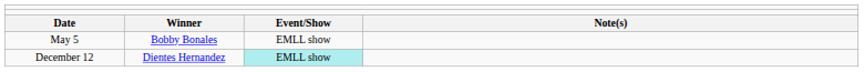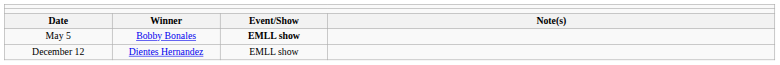 <table class="wikitable" style="text-align:center; width:100%;">
 <tr>
 <td colspan="5"></td>
 </tr>
 <tr>
 <td colspan="5"><strong></strong></td>
 </tr>
 <tr>
 <th width=14%>Date</th>
 <th width=14%>Winner</th>
 <th width=14%>Event/Show</th>
 <th width=58%>Note(s)</th>
 </tr>
 <tr>
 <td>May 5</td>
 <td><a href='#'>Bobby Bonales</a></td>
-<td>EMLL show</td>
+<td><strong>EMLL show</strong></td>
 <td align=left></td>
 </tr>
 <tr>
 <td>December 12</td>
 <td><a href='#'>Dientes Hernandez</a></td>
-<td style="background: paleturquoise;">EMLL show</td>
+<td>EMLL show</td>
 <td align=left></td>
 </tr>
 </table>
